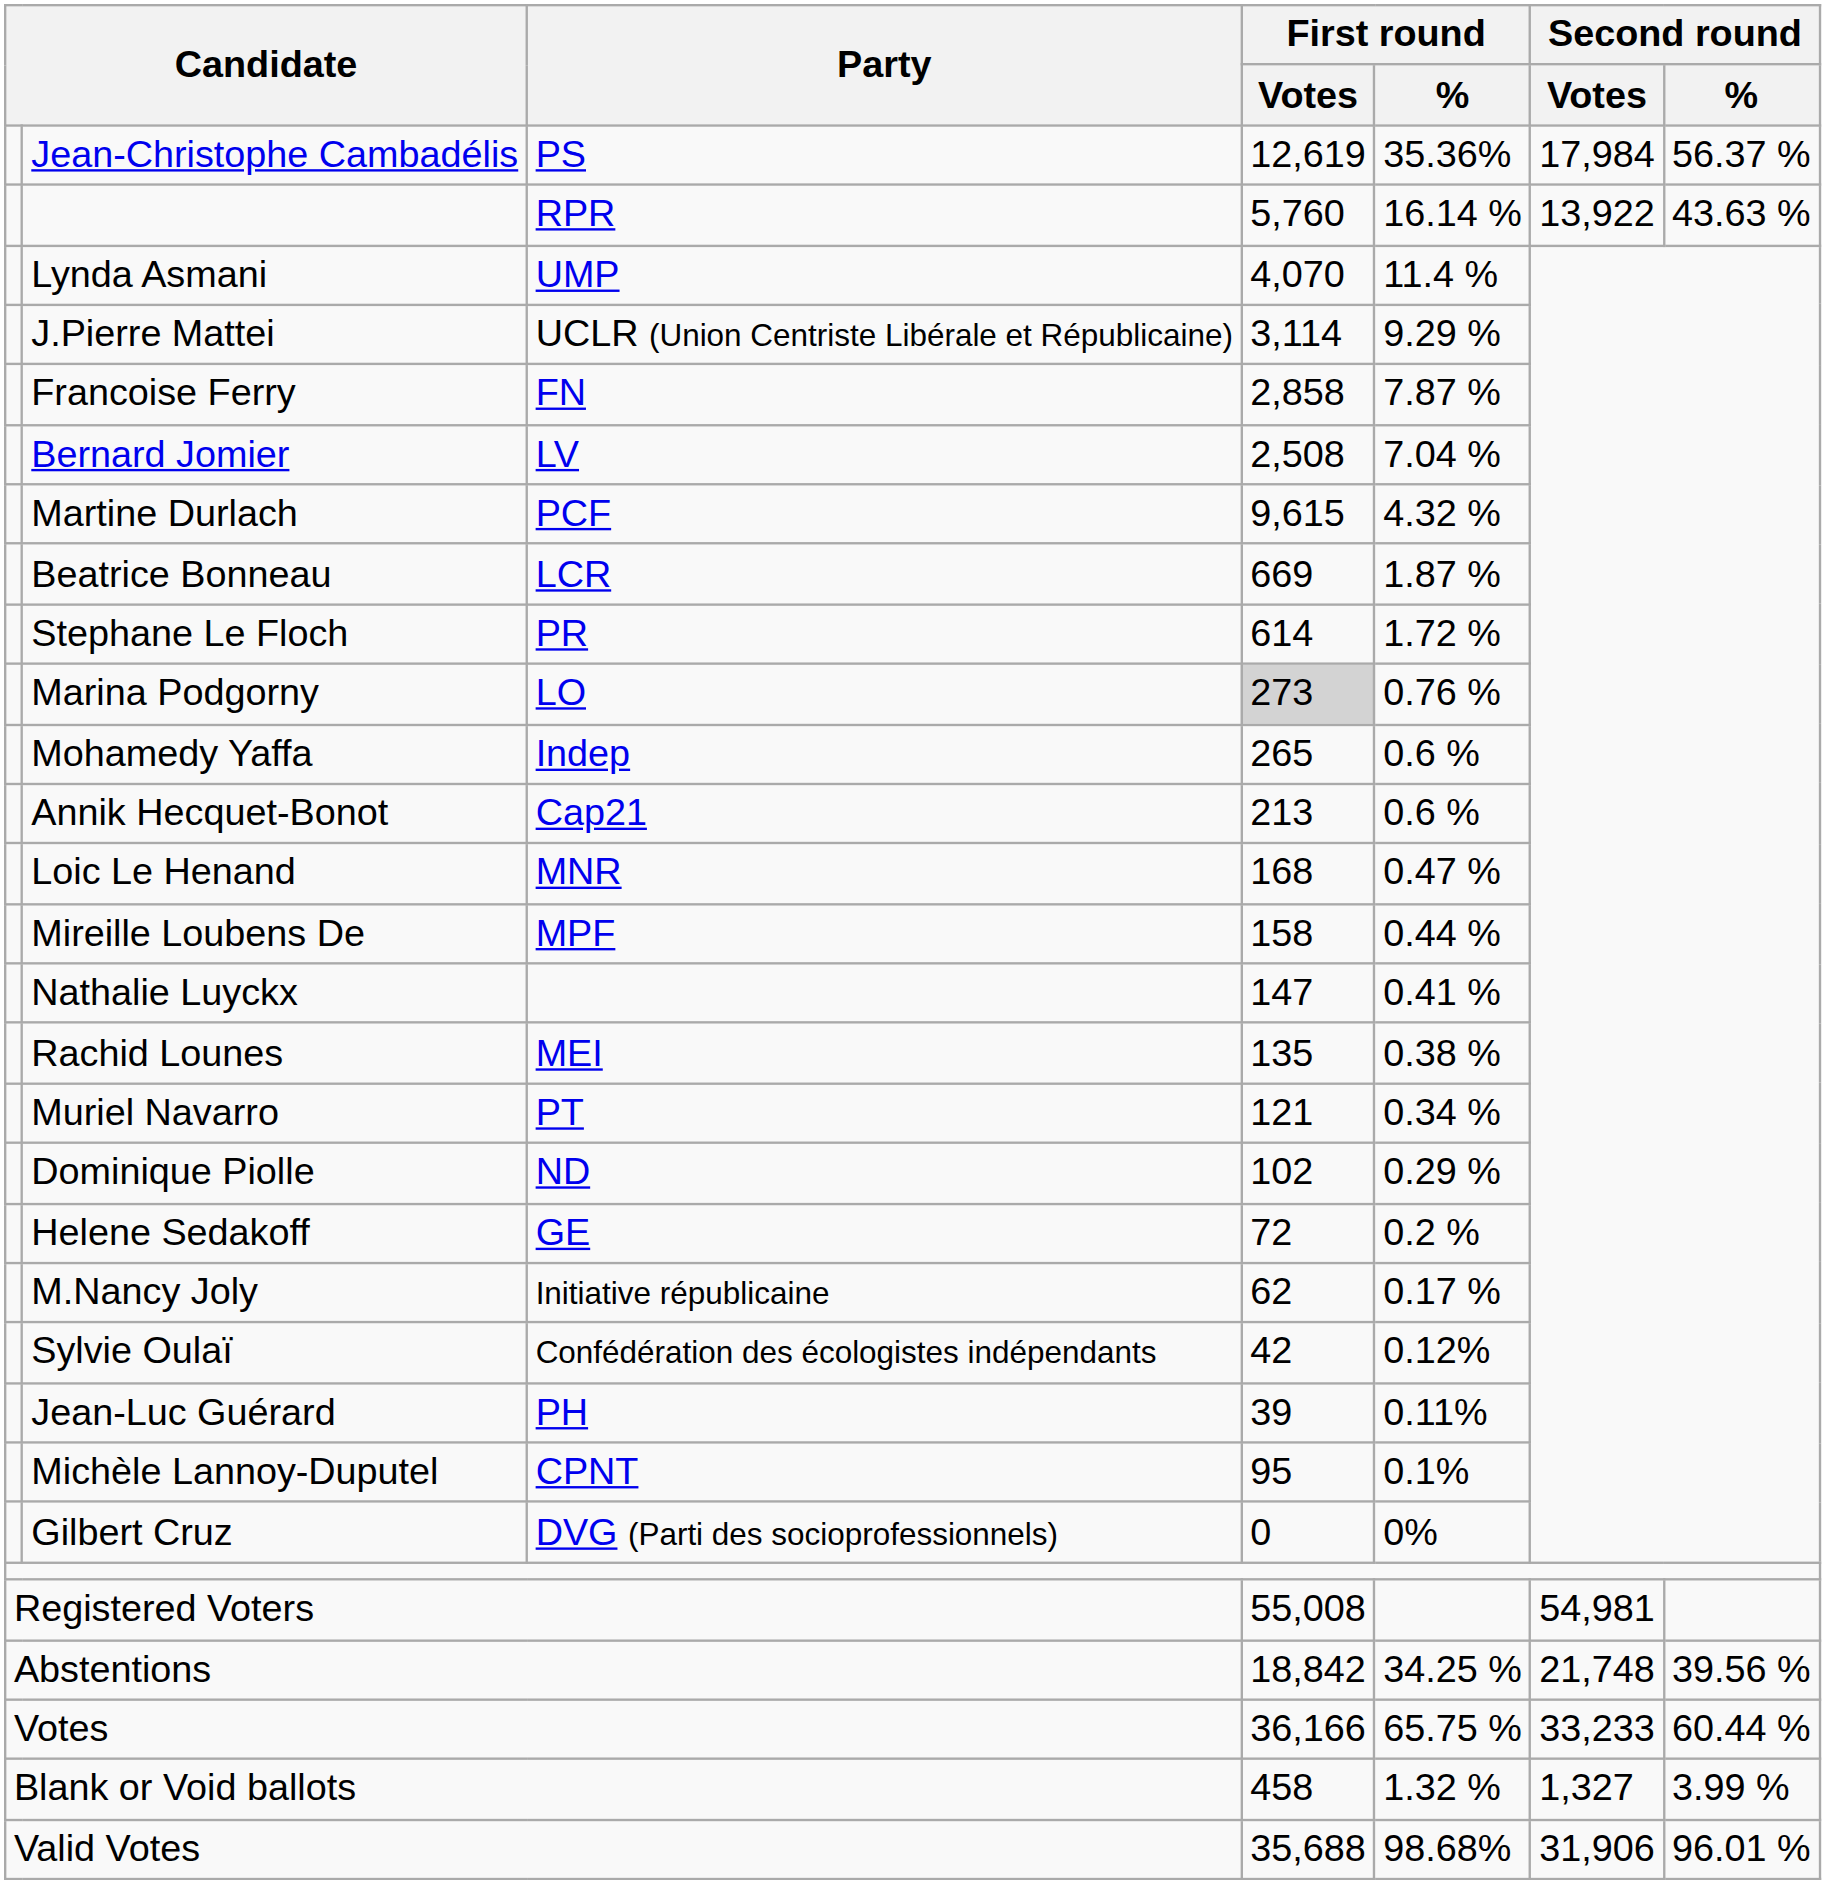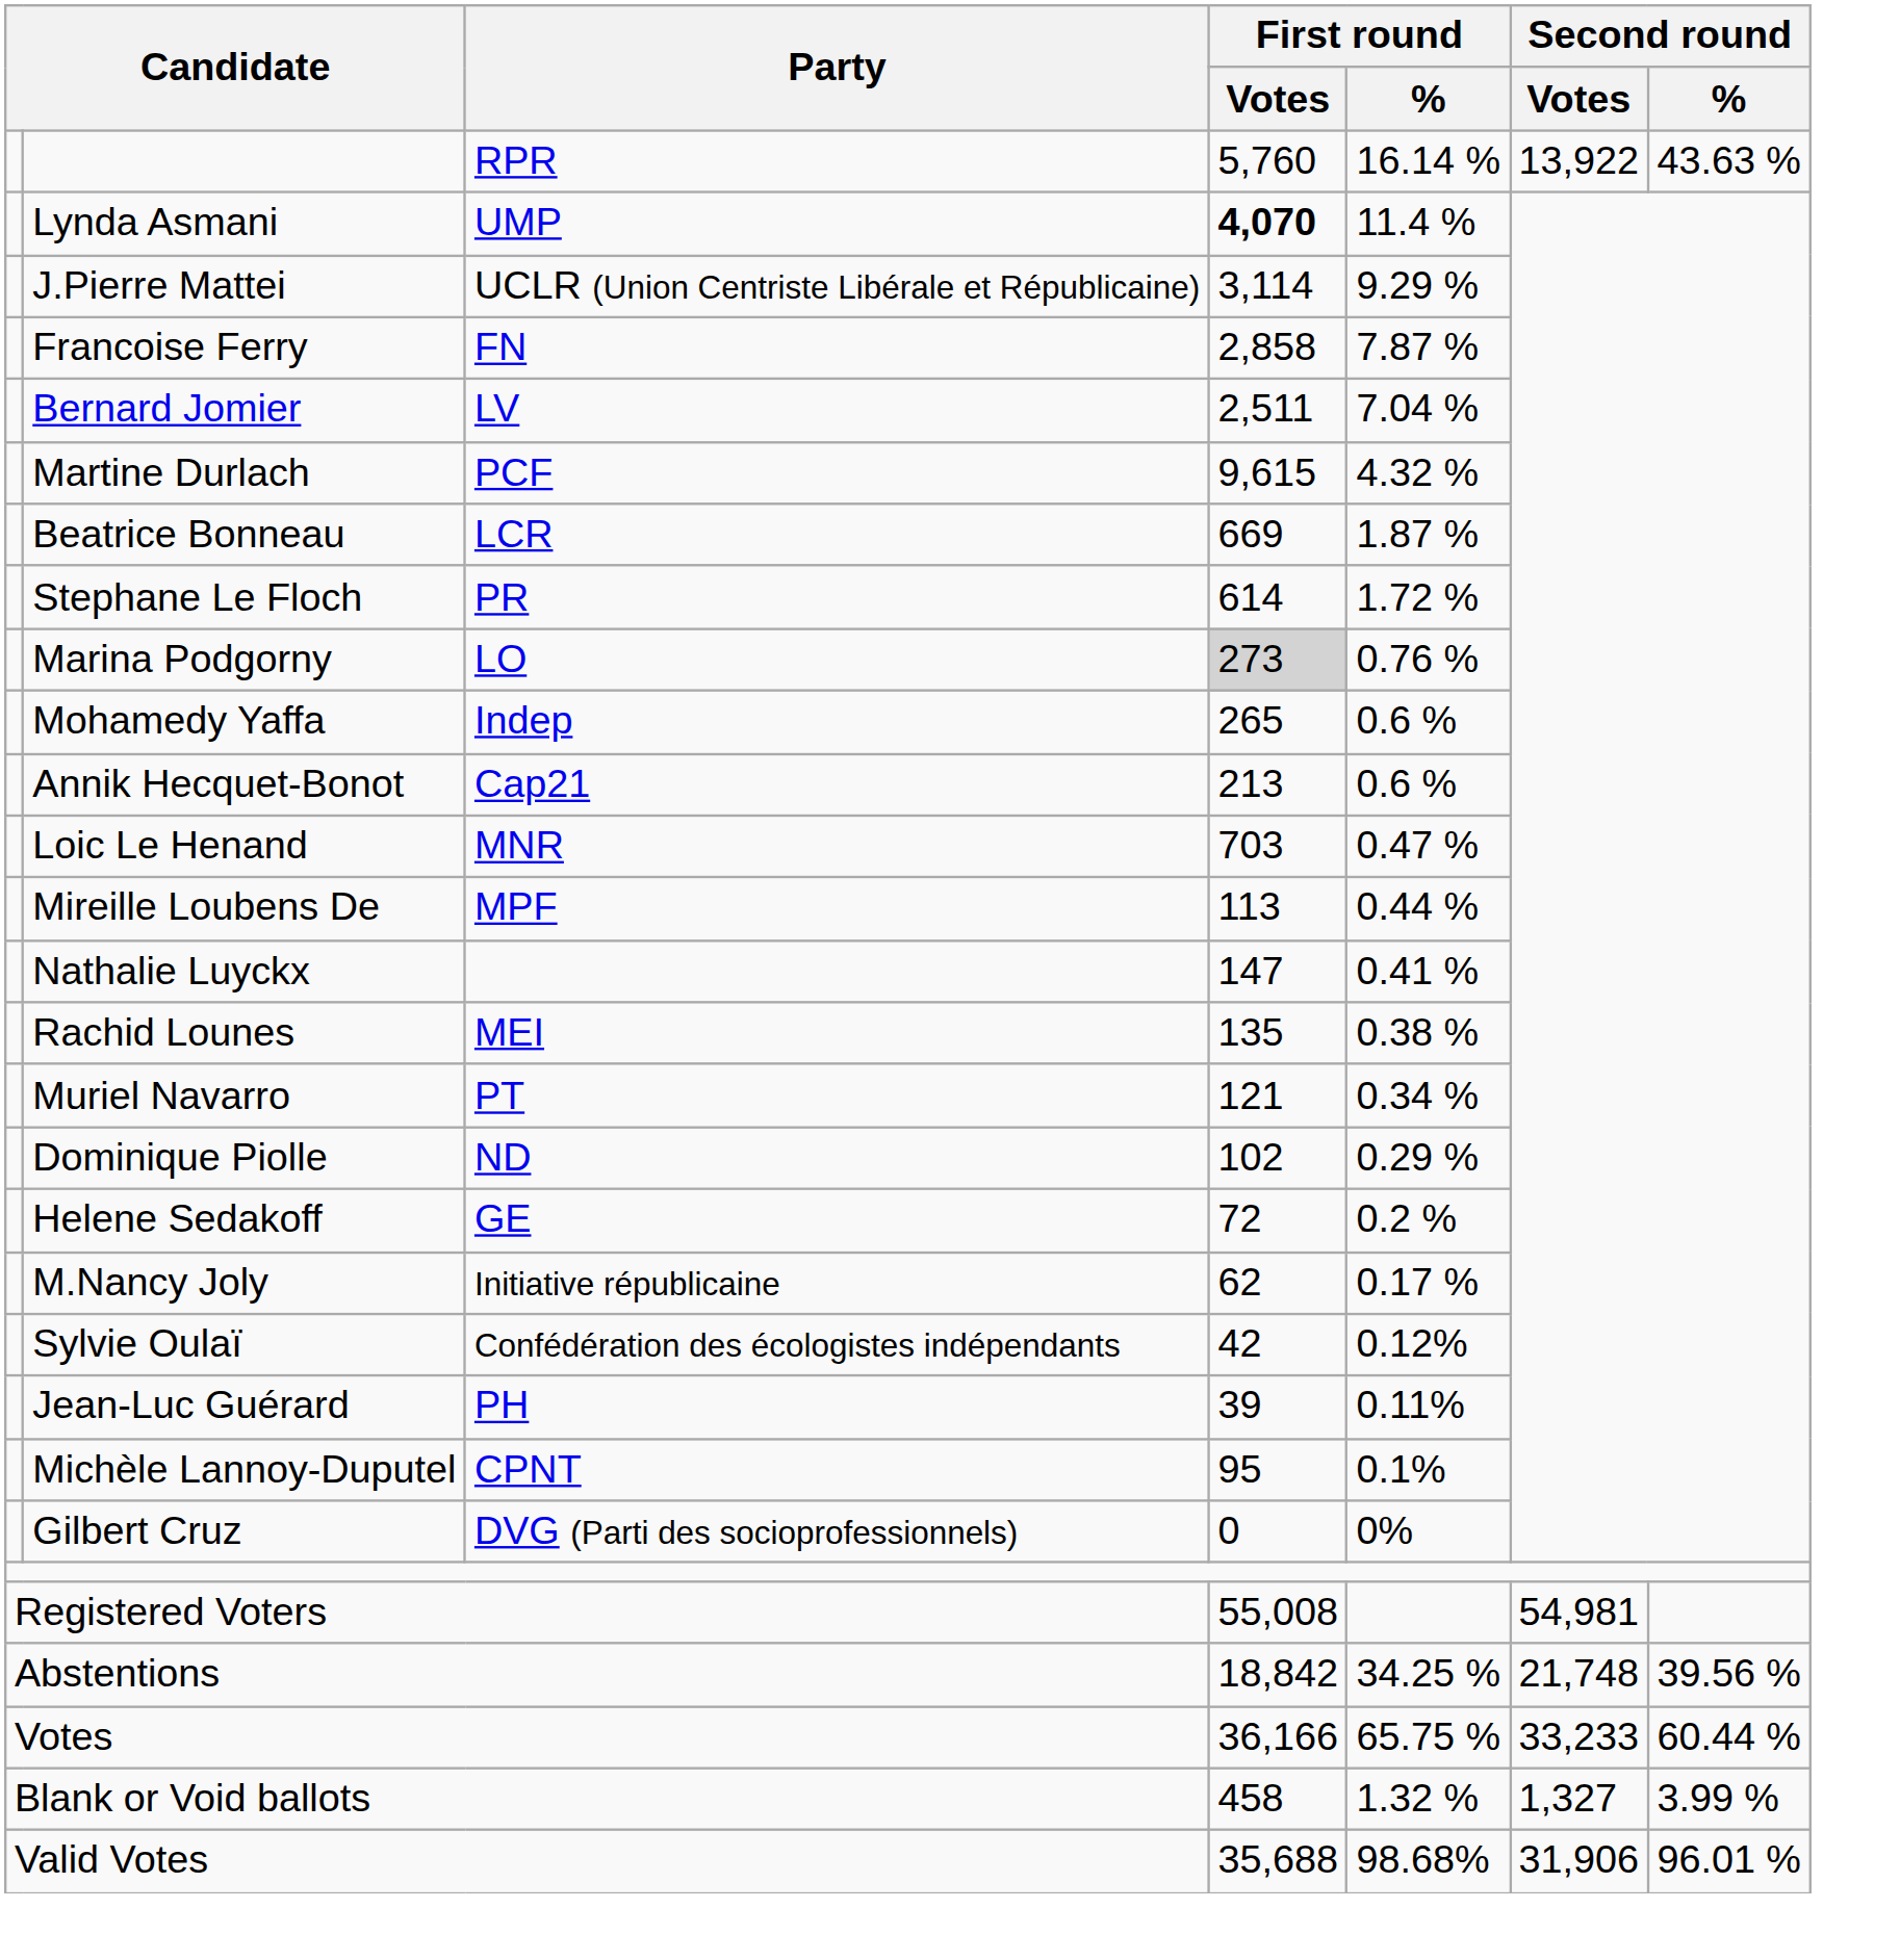 <table class="wikitable">
 <tr>
 <th colspan="2" rowspan="2">Candidate</th>
 <th rowspan="2">Party</th>
 <th colspan="2">First round</th>
 <th colspan="2">Second round</th>
 </tr>
 <tr>
 <th>Votes</th>
 <th>%</th>
 <th>Votes</th>
 <th>%</th>
 </tr>
 <tr>
 <td style="background-color:"></td>
-<td><a href='#'>Jean-Christophe Cambadélis</a></td>
-<td><a href='#'>PS</a></td>
-<td>12,619</td>
-<td>35.36%</td>
-<td>17,984</td>
-<td>56.37 %</td>
-</tr>
-<tr>
-<td style="background-color:"></td>
 <td></td>
 <td><a href='#'>RPR</a></td>
 <td>5,760</td>
 <td>16.14 %</td>
 <td>13,922</td>
 <td>43.63 %</td>
 </tr>
 <tr>
 <td style="background-color:"></td>
 <td>Lynda Asmani</td>
 <td><a href='#'>UMP</a></td>
-<td>4,070</td>
+<td><strong>4,070</strong></td>
 <td>11.4 %</td>
 </tr>
 <tr>
 <td></td>
 <td>J.Pierre Mattei</td>
 <td>UCLR <small>(Union Centriste Libérale et Républicaine)</small></td>
 <td>3,114</td>
 <td>9.29 %</td>
 </tr>
 <tr>
 <td style="background-color:"></td>
 <td>Francoise Ferry</td>
 <td><a href='#'>FN</a></td>
 <td>2,858</td>
 <td>7.87 %</td>
 </tr>
 <tr>
 <td style="background-color:"></td>
 <td><a href='#'>Bernard Jomier</a></td>
 <td><a href='#'>LV</a></td>
-<td>2,508</td>
+<td>2,511</td>
 <td>7.04 %</td>
 </tr>
 <tr>
 <td style="background-color:"></td>
 <td>Martine Durlach</td>
 <td><a href='#'>PCF</a></td>
 <td>9,615</td>
 <td>4.32 %</td>
 </tr>
 <tr>
 <td style="background-color:"></td>
 <td>Beatrice Bonneau</td>
 <td><a href='#'>LCR</a></td>
 <td>669</td>
 <td>1.87 %</td>
 </tr>
 <tr>
 <td style="background-color:"></td>
 <td>Stephane Le Floch</td>
 <td><a href='#'>PR</a></td>
 <td>614</td>
 <td>1.72 %</td>
 </tr>
 <tr>
 <td style="background-color:"></td>
 <td>Marina Podgorny</td>
 <td><a href='#'>LO</a></td>
 <td style="background: lightgrey;">273</td>
 <td>0.76 %</td>
 </tr>
 <tr>
 <td></td>
 <td>Mohamedy Yaffa</td>
 <td><a href='#'>Indep</a></td>
 <td>265</td>
 <td>0.6 %</td>
 </tr>
 <tr>
 <td style="background-color:"></td>
 <td>Annik Hecquet-Bonot</td>
 <td><a href='#'>Cap21</a></td>
 <td>213</td>
 <td>0.6 %</td>
 </tr>
 <tr>
 <td style="background-color:"></td>
 <td>Loic Le Henand</td>
 <td><a href='#'>MNR</a></td>
-<td>168</td>
+<td>703</td>
 <td>0.47 %</td>
 </tr>
 <tr>
 <td style="background-color:"></td>
 <td>Mireille Loubens De</td>
 <td><a href='#'>MPF</a></td>
-<td>158</td>
+<td>113</td>
 <td>0.44 %</td>
 </tr>
 <tr>
 <td></td>
 <td>Nathalie Luyckx</td>
 <td></td>
 <td>147</td>
 <td>0.41 %</td>
 </tr>
 <tr>
 <td style="background-color:"></td>
 <td>Rachid Lounes</td>
 <td><a href='#'>MEI</a></td>
 <td>135</td>
 <td>0.38 %</td>
 </tr>
 <tr>
 <td style="background-color:"></td>
 <td>Muriel Navarro</td>
 <td><a href='#'>PT</a></td>
 <td>121</td>
 <td>0.34 %</td>
 </tr>
 <tr>
 <td style="background-color:"></td>
 <td>Dominique Piolle</td>
 <td><a href='#'>ND</a></td>
 <td>102</td>
 <td>0.29 %</td>
 </tr>
 <tr>
 <td style="background-color:"></td>
 <td>Helene Sedakoff</td>
 <td><a href='#'>GE</a></td>
 <td>72</td>
 <td>0.2 %</td>
 </tr>
 <tr>
 <td></td>
 <td>M.Nancy Joly</td>
 <td><small>Initiative républicaine</small></td>
 <td>62</td>
 <td>0.17 %</td>
 </tr>
 <tr>
 <td></td>
 <td>Sylvie Oulaï</td>
 <td><small>Confédération des écologistes indépendants</small></td>
 <td>42</td>
 <td>0.12%</td>
 </tr>
 <tr>
 <td style="background-color:"></td>
 <td>Jean-Luc Guérard</td>
 <td><a href='#'>PH</a></td>
 <td>39</td>
 <td>0.11%</td>
 </tr>
 <tr>
 <td style="background-color:"></td>
 <td>Michèle Lannoy-Duputel</td>
 <td><a href='#'>CPNT</a></td>
 <td>95</td>
 <td>0.1%</td>
 </tr>
 <tr>
 <td></td>
 <td>Gilbert Cruz</td>
 <td><a href='#'>DVG</a> <small>(Parti des socioprofessionnels)</small></td>
 <td>0</td>
 <td>0%</td>
 </tr>
 <tr>
 <td colspan="7"></td>
 </tr>
 <tr>
 <td colspan="3">Registered Voters</td>
 <td>55,008</td>
 <td></td>
 <td>54,981</td>
 <td></td>
 </tr>
 <tr>
 <td colspan="3">Abstentions</td>
 <td>18,842</td>
 <td>34.25 %</td>
 <td>21,748</td>
 <td>39.56 %</td>
 </tr>
 <tr>
 <td colspan="3">Votes</td>
 <td>36,166</td>
 <td>65.75 %</td>
 <td>33,233</td>
 <td>60.44 %</td>
 </tr>
 <tr>
 <td colspan="3">Blank or Void ballots</td>
 <td>458</td>
 <td>1.32 %</td>
 <td>1,327</td>
 <td>3.99 %</td>
 </tr>
 <tr>
 <td colspan="3">Valid Votes</td>
 <td>35,688</td>
 <td>98.68%</td>
 <td>31,906</td>
 <td>96.01 %</td>
 </tr>
 </table>
